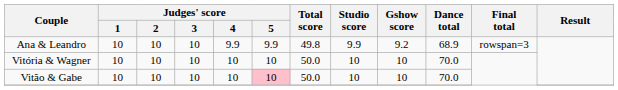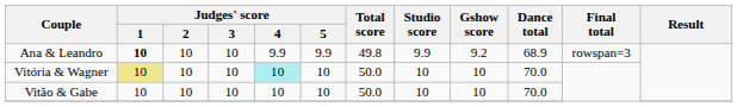 <table class="wikitable" style="font-size:100%; line-height:16px; text-align:center" width="100%">
 <tr>
 <th rowspan=2 width="11.0%">Couple</th>
 <th colspan=5 width="22.5%">Judges' score</th>
 <th rowspan=2 width="04.5%">Total<br>score</th>
 <th rowspan=2 width="04.5%">Studio<br>score</th>
 <th rowspan=2 width="04.5%">Gshow<br>score</th>
 <th rowspan=2 width="04.5%">Dance<br>total</th>
 <th rowspan=2 width="04.5%">Final<br>total</th>
 <th rowspan=2 width="09.0%">Result</th>
 </tr>
 <tr>
 <th width="04.5%">1</th>
 <th width="04.5%">2</th>
 <th width="04.5%">3</th>
 <th width="04.5%">4</th>
 <th width="04.5%">5</th>
 </tr>
 <tr>
 <td>Ana & Leandro</td>
-<td>10</td>
+<td><strong>10</strong></td>
 <td>10</td>
 <td>10</td>
 <td>9.9</td>
 <td>9.9</td>
 <td>49.8</td>
 <td>9.9</td>
 <td>9.2</td>
 <td>68.9</td>
 <td>rowspan=3 </td>
 <td rowspan=3></td>
 </tr>
 <tr>
 <td>Vitória & Wagner</td>
+<td style="background: khaki;">10</td>
 <td>10</td>
 <td>10</td>
-<td>10</td>
-<td>10</td>
+<td style="background: paleturquoise;">10</td>
 <td>10</td>
 <td>50.0</td>
 <td>10</td>
 <td>10</td>
 <td>70.0</td>
 </tr>
 <tr>
 <td>Vitão & Gabe</td>
 <td>10</td>
 <td>10</td>
 <td>10</td>
 <td>10</td>
-<td style="background: pink;">10</td>
+<td>10</td>
 <td>50.0</td>
 <td>10</td>
 <td>10</td>
 <td>70.0</td>
 </tr>
 <tr>
 </tr>
 </table>
